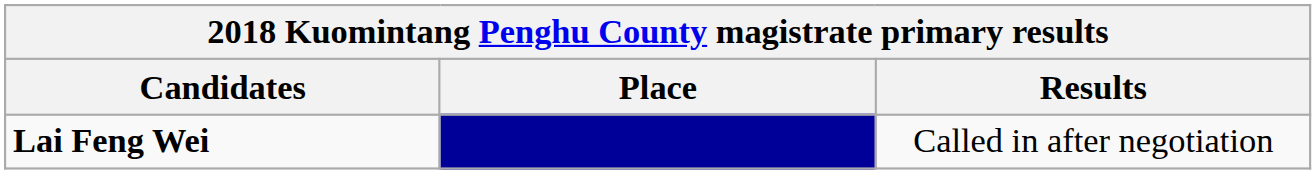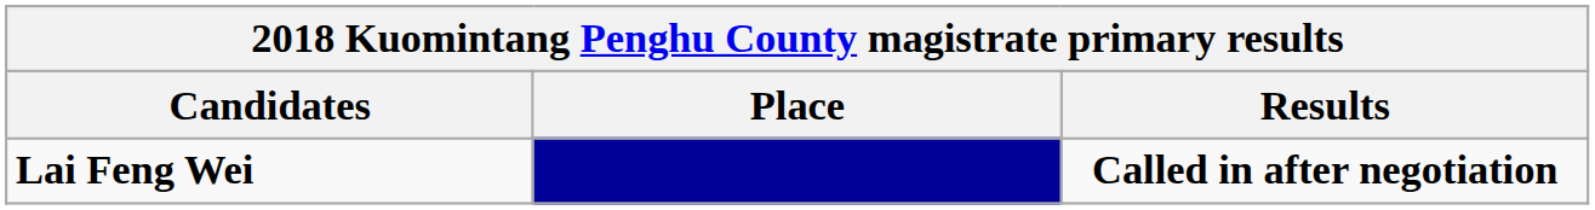 <table class="wikitable collapsible">
 <tr>
 <th colspan="5" width=600>2018 Kuomintang <a href='#'>Penghu County</a> magistrate primary results</th>
 </tr>
 <tr>
 <th width=80>Candidates</th>
 <th width=80>Place</th>
 <th width=80>Results</th>
 </tr>
 <tr>
 <td><strong>Lai Feng Wei</strong></td>
 <td style="background: #000099; text-align:center"><strong></strong></td>
-<td style="text-align:center">Called in after negotiation</td>
+<td style="text-align:center"><strong>Called in after negotiation</strong></td>
 </tr>
 </table>
